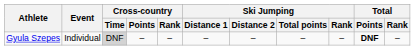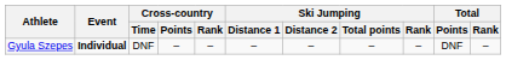 <table class="wikitable" style="font-size:90%">
 <tr>
 <th rowspan="2">Athlete</th>
 <th rowspan="2">Event</th>
 <th colspan="3">Cross-country</th>
 <th colspan="4">Ski Jumping</th>
 <th colspan="2">Total</th>
 </tr>
 <tr>
 <th>Time</th>
 <th>Points</th>
 <th>Rank</th>
 <th>Distance 1</th>
 <th>Distance 2</th>
 <th>Total points</th>
 <th>Rank</th>
 <th>Points</th>
 <th>Rank</th>
 </tr>
 <tr>
 <td><a href='#'>Gyula Szepes</a></td>
-<td>Individual</td>
-<td align="center" style="background: lightgrey;">DNF</td>
+<td><strong>Individual</strong></td>
+<td align="center">DNF</td>
 <td align="center">–</td>
 <td align="center">–</td>
 <td align="center">–</td>
 <td align="center">–</td>
 <td align="center">–</td>
 <td align="center">–</td>
-<td align="center"><strong>DNF</strong></td>
+<td align="center">DNF</td>
 <td align="center">–</td>
 </tr>
 </table>
